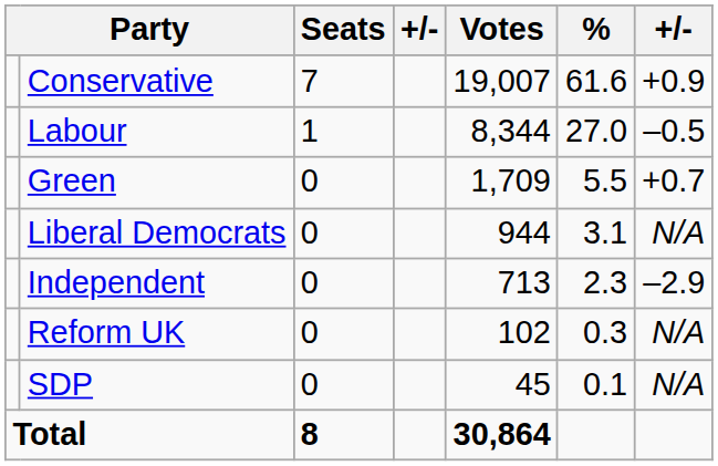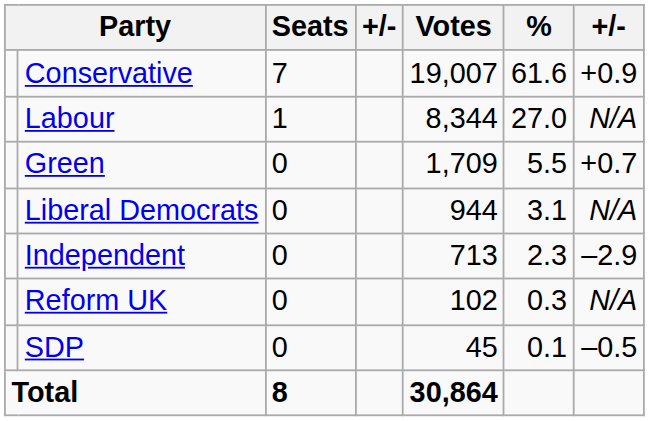 <table class="wikitable sortable">
 <tr>
 <th colspan="2">Party</th>
 <th>Seats</th>
 <th>+/-</th>
 <th>Votes</th>
 <th>%</th>
 <th>+/-</th>
 </tr>
 <tr>
 <td style="background-color: "></td>
 <td><a href='#'>Conservative</a></td>
 <td>7</td>
 <td></td>
 <td style="text-align:right;">19,007</td>
 <td style="text-align:right;">61.6</td>
 <td style="text-align:right;">+0.9</td>
 </tr>
 <tr>
 <td style="background-color: "></td>
 <td><a href='#'>Labour</a></td>
 <td>1</td>
 <td></td>
 <td style="text-align:right;">8,344</td>
 <td style="text-align:right;">27.0</td>
-<td style="text-align:right;">–0.5</td>
+<td style="text-align:right;"><em>N/A</em></td>
 </tr>
 <tr>
 <td style="background-color: "></td>
 <td><a href='#'>Green</a></td>
 <td>0</td>
 <td></td>
 <td style="text-align:right;">1,709</td>
 <td style="text-align:right;">5.5</td>
 <td style="text-align:right;">+0.7</td>
 </tr>
 <tr>
 <td style="background-color: "></td>
 <td><a href='#'>Liberal Democrats</a></td>
 <td>0</td>
 <td></td>
 <td style="text-align:right;">944</td>
 <td style="text-align:right;">3.1</td>
 <td style="text-align:right;"><em>N/A</em></td>
 </tr>
 <tr>
 <td style="background-color: "></td>
 <td><a href='#'>Independent</a></td>
 <td>0</td>
 <td></td>
 <td style="text-align:right;">713</td>
 <td style="text-align:right;">2.3</td>
 <td style="text-align:right;">–2.9</td>
 </tr>
 <tr>
 <td style="background-color: "></td>
 <td><a href='#'>Reform UK</a></td>
 <td>0</td>
 <td></td>
 <td style="text-align:right;">102</td>
 <td style="text-align:right;">0.3</td>
 <td style="text-align:right;"><em>N/A</em></td>
 </tr>
 <tr>
 <td style="background-color: "></td>
 <td><a href='#'>SDP</a></td>
 <td>0</td>
 <td></td>
 <td style="text-align:right;">45</td>
 <td style="text-align:right;">0.1</td>
-<td style="text-align:right;"><em>N/A</em></td>
+<td style="text-align:right;">–0.5</td>
 </tr>
 <tr>
 <td colspan="2"><strong>Total</strong></td>
 <td><strong>8</strong></td>
 <td></td>
 <td style="text-align:right;"><strong>30,864</strong></td>
 <td style="text-align:right;"></td>
 <td style="text-align:right;"></td>
 </tr>
 </table>
